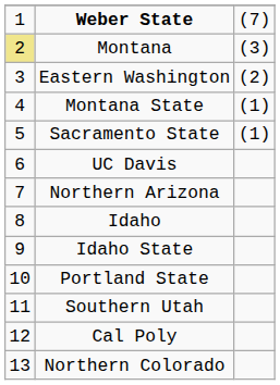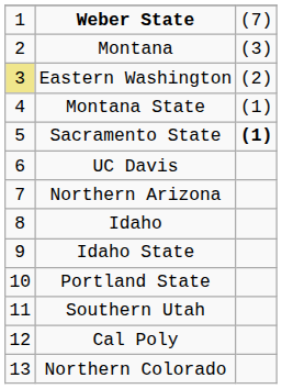 <table class="wikitable" style="display: inline-table;">
 <tr align="center">
 </tr>
 <tr align="center">
 <td>1</td>
 <td><strong>Weber State</strong></td>
 <td>(7)</td>
 </tr>
 <tr align="center">
-<td style="background: khaki;">2</td>
+<td>2</td>
 <td>Montana</td>
 <td>(3)</td>
 </tr>
 <tr align="center">
-<td>3</td>
+<td style="background: khaki;">3</td>
 <td>Eastern Washington</td>
 <td>(2)</td>
 </tr>
 <tr align="center">
 <td>4</td>
 <td>Montana State</td>
 <td>(1)</td>
 </tr>
 <tr align="center">
 <td>5</td>
 <td>Sacramento State</td>
-<td>(1)</td>
+<td><strong>(1)</strong></td>
 </tr>
 <tr align="center">
 <td>6</td>
 <td>UC Davis</td>
 <td></td>
 </tr>
 <tr align="center">
 <td>7</td>
 <td>Northern Arizona</td>
 <td></td>
 </tr>
 <tr align="center">
 <td>8</td>
 <td>Idaho</td>
 <td></td>
 </tr>
 <tr align="center">
 <td>9</td>
 <td>Idaho State</td>
 <td></td>
 </tr>
 <tr align="center">
 <td>10</td>
 <td>Portland State</td>
 <td></td>
 </tr>
 <tr align="center">
 <td>11</td>
 <td>Southern Utah</td>
 <td></td>
 </tr>
 <tr align="center">
 <td>12</td>
 <td>Cal Poly</td>
 <td></td>
 </tr>
 <tr align="center">
 <td>13</td>
 <td>Northern Colorado</td>
 <td></td>
 </tr>
 </table>
